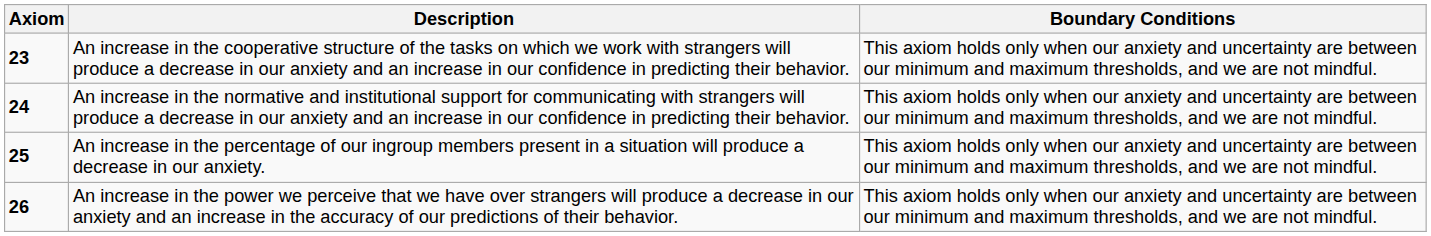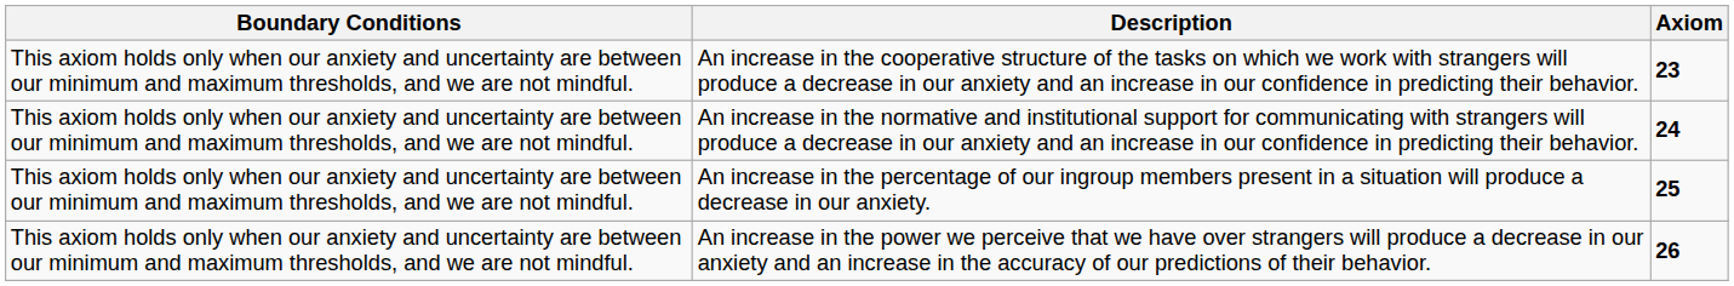 <table class="wikitable">
 <tr>
+<th>Boundary Conditions</th>
+<th>Description</th>
 <th>Axiom</th>
-<th>Description</th>
-<th>Boundary Conditions</th>
 </tr>
 <tr>
+<td>This axiom holds only when our anxiety and uncertainty are between our minimum and maximum thresholds, and we are not mindful.</td>
+<td>An increase in the cooperative structure of the tasks on which we work with strangers will produce a decrease in our anxiety and an increase in our confidence in predicting their behavior.</td>
 <td><strong>23</strong></td>
-<td>An increase in the cooperative structure of the tasks on which we work with strangers will produce a decrease in our anxiety and an increase in our confidence in predicting their behavior.</td>
-<td>This axiom holds only when our anxiety and uncertainty are between our minimum and maximum thresholds, and we are not mindful.</td>
 </tr>
 <tr>
+<td>This axiom holds only when our anxiety and uncertainty are between our minimum and maximum thresholds, and we are not mindful.</td>
+<td>An increase in the normative and institutional support for communicating with strangers will produce a decrease in our anxiety and an increase in our confidence in predicting their behavior.</td>
 <td><strong>24</strong></td>
-<td>An increase in the normative and institutional support for communicating with strangers will produce a decrease in our anxiety and an increase in our confidence in predicting their behavior.</td>
-<td>This axiom holds only when our anxiety and uncertainty are between our minimum and maximum thresholds, and we are not mindful.</td>
 </tr>
 <tr>
+<td>This axiom holds only when our anxiety and uncertainty are between our minimum and maximum thresholds, and we are not mindful.</td>
+<td>An increase in the percentage of our ingroup members present in a situation will produce a decrease in our anxiety.</td>
 <td><strong>25</strong></td>
-<td>An increase in the percentage of our ingroup members present in a situation will produce a decrease in our anxiety.</td>
-<td>This axiom holds only when our anxiety and uncertainty are between our minimum and maximum thresholds, and we are not mindful.</td>
 </tr>
 <tr>
+<td>This axiom holds only when our anxiety and uncertainty are between our minimum and maximum thresholds, and we are not mindful.</td>
+<td>An increase in the power we perceive that we have over strangers will produce a decrease in our anxiety and an increase in the accuracy of our predictions of their behavior.</td>
 <td><strong>26</strong></td>
-<td>An increase in the power we perceive that we have over strangers will produce a decrease in our anxiety and an increase in the accuracy of our predictions of their behavior.</td>
-<td>This axiom holds only when our anxiety and uncertainty are between our minimum and maximum thresholds, and we are not mindful.</td>
 </tr>
 </table>
